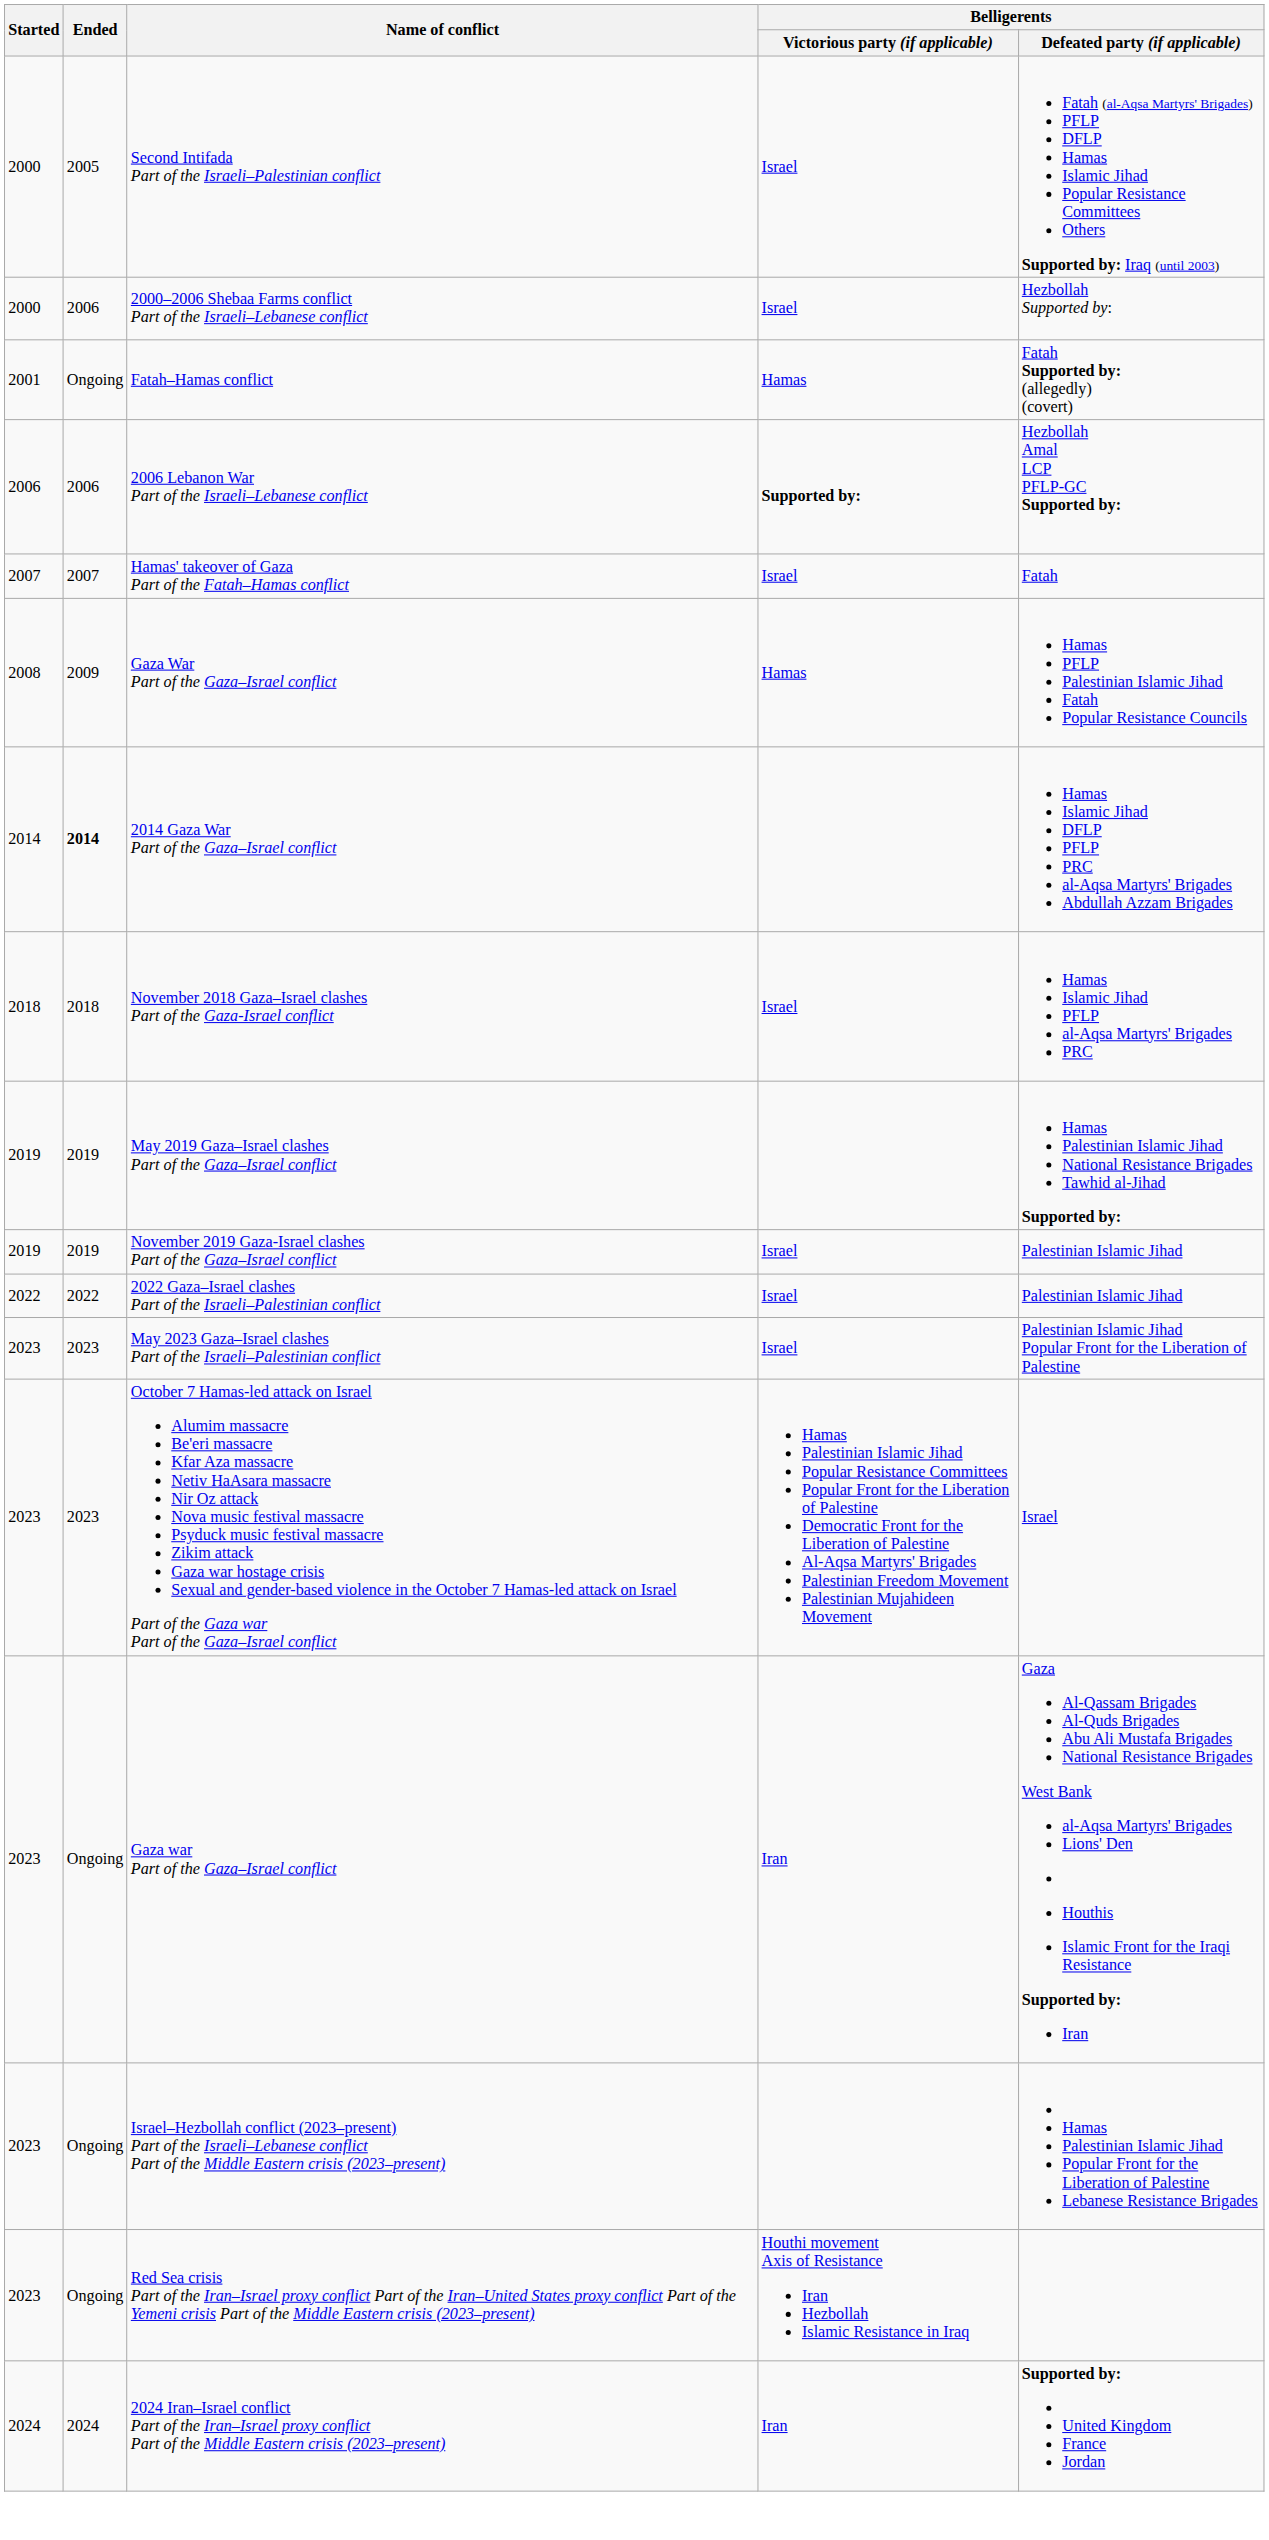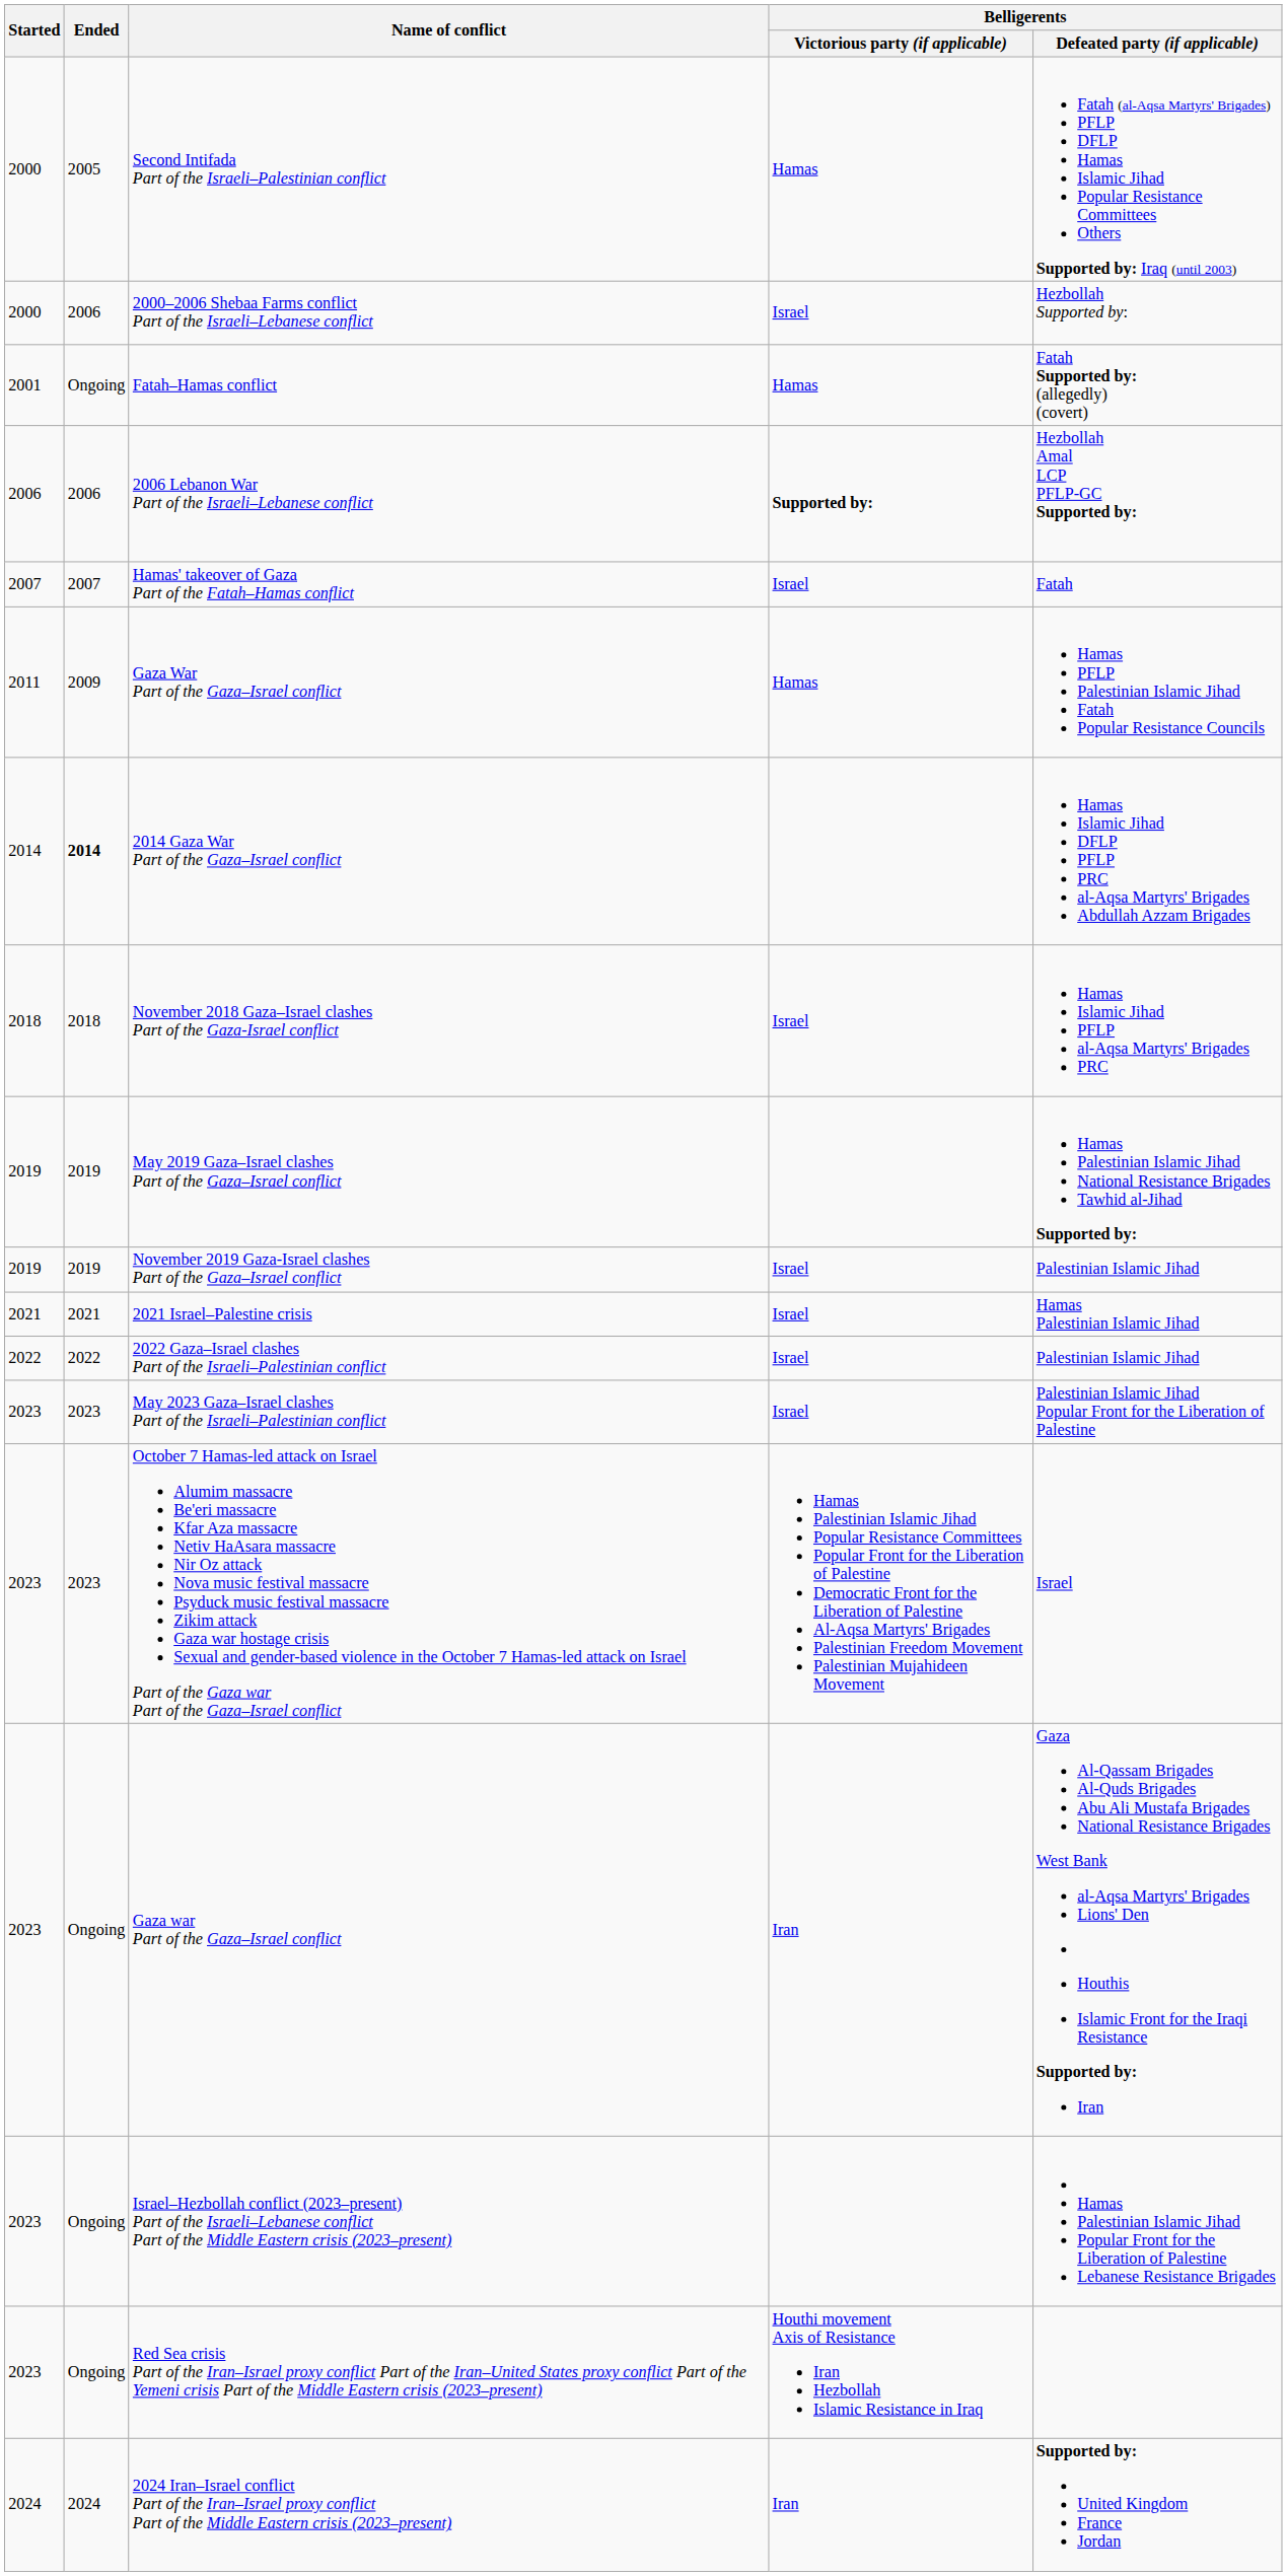 <table class="wikitable sortable">
 <tr>
 <th rowspan="2">Started</th>
 <th rowspan="2">Ended</th>
 <th rowspan="2">Name of conflict</th>
 <th colspan="2">Belligerents</th>
 </tr>
 <tr>
 <th>Victorious party <em>(if applicable)</em></th>
 <th>Defeated party <em>(if applicable)</em></th>
 </tr>
 <tr>
 <td>2000</td>
 <td>2005</td>
 <td><a href='#'>Second Intifada</a><br><em>Part of the <a href='#'>Israeli–Palestinian conflict</a></em></td>
-<td> <a href='#'>Israel</a></td>
+<td> <a href='#'>Hamas</a></td>
 <td><br><ul><li><a href='#'>Fatah</a> <small>(<a href='#'>al-Aqsa Martyrs' Brigades</a>)</small></li><li><a href='#'>PFLP</a></li><li> <a href='#'>DFLP</a></li><li> <a href='#'>Hamas</a></li><li><a href='#'>Islamic Jihad</a></li><li><a href='#'>Popular Resistance Committees</a></li><li><a href='#'>Others</a></li></ul><strong>Supported by:</strong>  <a href='#'>Iraq</a> <small>(<a href='#'>until 2003</a>)</small></td>
 </tr>
 <tr>
 <td>2000</td>
 <td>2006</td>
 <td><a href='#'>2000–2006 Shebaa Farms conflict</a><br><em>Part of the <a href='#'>Israeli–Lebanese conflict</a></em></td>
 <td> <a href='#'>Israel</a></td>
 <td> <a href='#'>Hezbollah</a><br><em>Supported by</em>:<br><br></td>
 </tr>
 <tr>
 <td>2001</td>
 <td>Ongoing</td>
 <td><a href='#'>Fatah–Hamas conflict</a></td>
 <td> <a href='#'>Hamas</a></td>
 <td><a href='#'>Fatah</a><br><strong>Supported by:</strong><br> (allegedly)<br> (covert)</td>
 </tr>
 <tr>
 <td>2006</td>
 <td>2006</td>
 <td><a href='#'>2006 Lebanon War</a><br><em>Part of the <a href='#'>Israeli–Lebanese conflict</a></em></td>
 <td><br><strong>Supported by:</strong><br></td>
 <td> <a href='#'>Hezbollah</a><br> <a href='#'>Amal</a><br> <a href='#'>LCP</a><br> <a href='#'>PFLP-GC</a><br><strong>Supported by:</strong><br><br><br></td>
 </tr>
 <tr>
 <td>2007</td>
 <td>2007</td>
 <td><a href='#'>Hamas' takeover of Gaza</a><br><em>Part of the <a href='#'>Fatah–Hamas conflict</a></em></td>
 <td> <a href='#'>Israel</a></td>
 <td><a href='#'>Fatah</a></td>
 </tr>
 <tr>
-<td>2008</td>
+<td>2011</td>
 <td>2009</td>
 <td><a href='#'>Gaza War</a><br><em>Part of the <a href='#'>Gaza–Israel conflict</a></em></td>
 <td> <a href='#'>Hamas</a></td>
 <td><br><ul><li> <a href='#'>Hamas</a></li><li><a href='#'>PFLP</a></li><li><a href='#'>Palestinian Islamic Jihad</a></li><li><a href='#'>Fatah</a></li><li><a href='#'>Popular Resistance Councils</a></li></ul></td>
 </tr>
 <tr>
 <td>2014</td>
 <td><strong>2014</strong></td>
 <td><a href='#'>2014 Gaza War</a><br><em>Part of the <a href='#'>Gaza–Israel conflict</a></em></td>
 <td></td>
 <td><br><ul><li> <a href='#'>Hamas</a></li><li><a href='#'>Islamic Jihad</a></li><li> <a href='#'>DFLP</a></li><li><a href='#'>PFLP</a></li><li><a href='#'>PRC</a></li><li><a href='#'>al-Aqsa Martyrs' Brigades</a></li><li><a href='#'>Abdullah Azzam Brigades</a></li></ul></td>
 </tr>
 <tr>
 <td>2018</td>
 <td>2018</td>
 <td><a href='#'>November 2018 Gaza–Israel clashes</a><br><em>Part of the <a href='#'>Gaza-Israel conflict</a></em></td>
 <td> <a href='#'>Israel</a></td>
 <td><br><ul><li> <a href='#'>Hamas</a></li><li><a href='#'>Islamic Jihad</a></li><li><a href='#'>PFLP</a></li><li><a href='#'>al-Aqsa Martyrs' Brigades</a></li><li><a href='#'>PRC</a></li></ul></td>
 </tr>
 <tr>
 <td>2019</td>
 <td>2019</td>
 <td><a href='#'>May 2019 Gaza–Israel clashes</a><br><em>Part of the <a href='#'>Gaza–Israel conflict</a></em></td>
 <td></td>
 <td><br><ul><li> <a href='#'>Hamas</a></li><li><a href='#'>Palestinian Islamic Jihad</a></li><li> <a href='#'>National Resistance Brigades</a></li><li> <a href='#'>Tawhid al-Jihad</a></li></ul><strong>Supported by:</strong><br></td>
 </tr>
 <tr>
 <td>2019</td>
 <td>2019</td>
 <td><a href='#'>November 2019 Gaza-Israel clashes</a><br><em>Part of the <a href='#'>Gaza–Israel conflict</a></em></td>
 <td> <a href='#'>Israel</a></td>
 <td><a href='#'>Palestinian Islamic Jihad</a></td>
+</tr>
+<tr>
+<td>2021</td>
+<td>2021</td>
+<td><a href='#'>2021 Israel–Palestine crisis</a></td>
+<td> <a href='#'>Israel</a></td>
+<td> <a href='#'>Hamas</a><br><a href='#'>Palestinian Islamic Jihad</a></td>
 </tr>
 <tr>
 <td>2022</td>
 <td>2022</td>
 <td><a href='#'>2022 Gaza–Israel clashes</a><br><em>Part of the <a href='#'>Israeli–Palestinian conflict</a></em></td>
 <td> <a href='#'>Israel</a></td>
 <td><a href='#'>Palestinian Islamic Jihad</a></td>
 </tr>
 <tr>
 <td>2023</td>
 <td>2023</td>
 <td><a href='#'>May 2023 Gaza–Israel clashes</a><br><em>Part of the <a href='#'>Israeli–Palestinian conflict</a></em></td>
 <td> <a href='#'>Israel</a></td>
 <td><a href='#'>Palestinian Islamic Jihad</a><br><a href='#'>Popular Front for the Liberation of Palestine</a></td>
 </tr>
 <tr>
 <td>2023</td>
 <td>2023</td>
 <td><a href='#'>October 7 Hamas-led attack on Israel</a><br><ul><li><a href='#'>Alumim massacre</a></li><li><a href='#'>Be'eri massacre</a></li><li><a href='#'>Kfar Aza massacre</a></li><li><a href='#'>Netiv HaAsara massacre</a></li><li><a href='#'>Nir Oz attack</a></li><li><a href='#'>Nova music festival massacre</a></li><li><a href='#'>Psyduck music festival massacre</a></li><li><a href='#'>Zikim attack</a></li><li><a href='#'>Gaza war hostage crisis</a></li><li><a href='#'>Sexual and gender-based violence in the October 7 Hamas-led attack on Israel</a></li></ul><em>Part of the <a href='#'>Gaza war</a></em><br><em>Part of the <a href='#'>Gaza–Israel conflict</a></em></td>
 <td><br><ul><li> <a href='#'>Hamas</a></li><li><a href='#'>Palestinian Islamic Jihad</a></li><li> <a href='#'>Popular Resistance Committees</a></li><li><a href='#'>Popular Front for the Liberation of Palestine</a></li><li> <a href='#'>Democratic Front for the Liberation of Palestine</a></li><li><a href='#'>Al-Aqsa Martyrs' Brigades</a></li><li><a href='#'>Palestinian Freedom Movement</a></li><li><a href='#'>Palestinian Mujahideen Movement</a></li></ul></td>
 <td> <a href='#'>Israel</a></td>
 </tr>
 <tr>
 <td>2023</td>
 <td>Ongoing</td>
 <td><a href='#'>Gaza war</a><br><em>Part of the <a href='#'>Gaza–Israel conflict</a></em></td>
 <td> <a href='#'>Iran</a></td>
 <td> <a href='#'>Gaza</a><br><ul><li> <a href='#'>Al-Qassam Brigades</a></li><li><a href='#'>Al-Quds Brigades</a></li><li> <a href='#'>Abu Ali Mustafa Brigades</a></li><li> <a href='#'>National Resistance Brigades</a></li></ul> <a href='#'>West Bank</a><ul><li><a href='#'>al-Aqsa Martyrs' Brigades</a></li><li><a href='#'>Lions' Den</a></li></ul><ul><li></li></ul><ul><li> <a href='#'>Houthis</a></li></ul><ul><li> <a href='#'>Islamic Front for the Iraqi Resistance</a></li></ul><strong>Supported by:</strong><ul><li> <a href='#'>Iran</a></li></ul></td>
 </tr>
 <tr>
 <td>2023</td>
 <td>Ongoing</td>
 <td><a href='#'>Israel–Hezbollah conflict (2023–present)</a><br><em>Part of the <a href='#'>Israeli–Lebanese conflict</a></em><br><em>Part of the <a href='#'>Middle Eastern crisis (2023–present)</a></em></td>
 <td></td>
 <td><br><ul><li></li><li> <a href='#'>Hamas</a></li><li><a href='#'>Palestinian Islamic Jihad</a></li><li><a href='#'>Popular Front for the Liberation of Palestine</a></li><li><a href='#'>Lebanese Resistance Brigades</a></li></ul></td>
 </tr>
 <tr>
 <td>2023</td>
 <td>Ongoing</td>
 <td><a href='#'>Red Sea crisis</a><br><em>Part of the <a href='#'>Iran–Israel proxy conflict</a></em> <em>Part of the <a href='#'>Iran–United States proxy conflict</a></em> <em>Part of the <a href='#'>Yemeni crisis</a></em> <em>Part of the <a href='#'>Middle Eastern crisis (2023–present)</a></em></td>
 <td> <a href='#'>Houthi movement</a><br><a href='#'>Axis of Resistance</a><ul><li> <a href='#'>Iran</a></li><li> <a href='#'>Hezbollah</a></li><li><a href='#'>Islamic Resistance in Iraq</a></li></ul></td>
 <td></td>
 </tr>
 <tr>
 <td>2024</td>
 <td>2024</td>
 <td><a href='#'>2024 Iran–Israel conflict</a><br><em>Part of the <a href='#'>Iran–Israel proxy conflict</a></em><br><em>Part of the <a href='#'>Middle Eastern crisis (2023–present)</a></em></td>
 <td> <a href='#'>Iran</a></td>
 <td><strong>Supported by:</strong><br><ul><li></li><li> <a href='#'>United Kingdom</a></li><li> <a href='#'>France</a></li><li> <a href='#'>Jordan</a></li></ul></td>
 </tr>
 </table>
